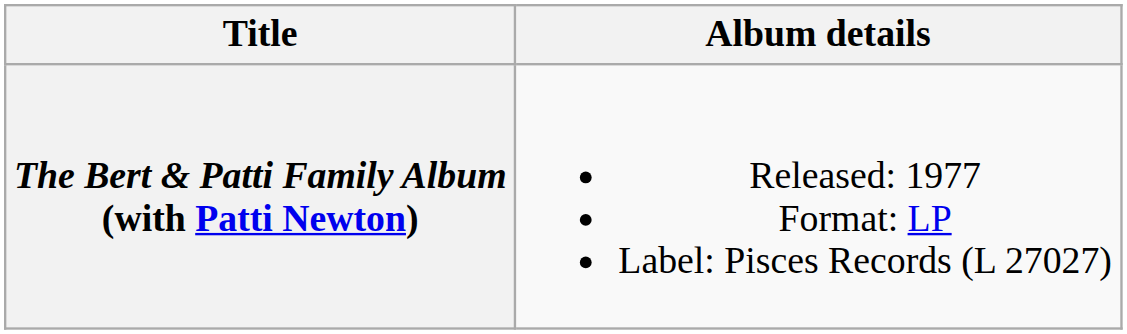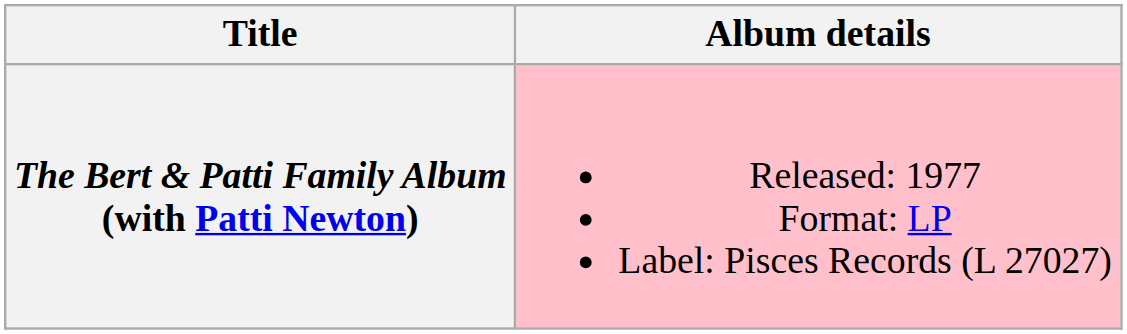 <table class="wikitable plainrowheaders" style="text-align:center;" border="1">
 <tr>
 <th>Title</th>
 <th>Album details</th>
 </tr>
 <tr>
 <th scope="row"><em>The Bert & Patti Family Album</em> <br> (with <a href='#'>Patti Newton</a>)</th>
-<td><br><ul><li>Released: 1977</li><li>Format: <a href='#'>LP</a></li><li>Label: Pisces Records (L 27027)</li></ul></td>
+<td style="background: pink;"><br><ul><li>Released: 1977</li><li>Format: <a href='#'>LP</a></li><li>Label: Pisces Records (L 27027)</li></ul></td>
 </tr>
 </table>
